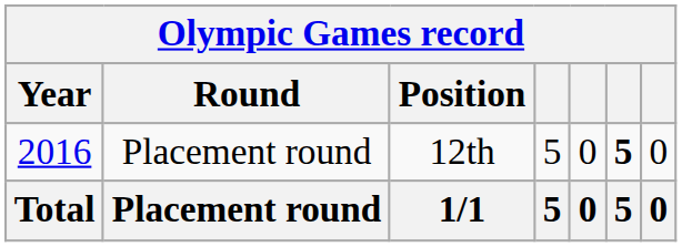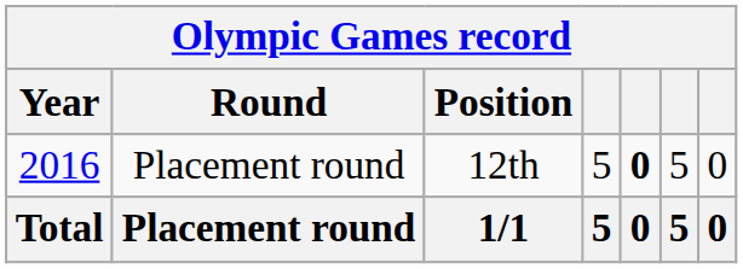 <table class="wikitable" style="text-align: center;">
 <tr>
 <th colspan=7><a href='#'>Olympic Games record</a></th>
 </tr>
 <tr>
 <th>Year</th>
 <th>Round</th>
 <th>Position</th>
 <th></th>
 <th></th>
 <th></th>
 <th></th>
 </tr>
 <tr>
 <td> <a href='#'>2016</a></td>
 <td>Placement round</td>
 <td>12th</td>
 <td>5</td>
-<td>0</td>
-<td><strong>5</strong></td>
+<td><strong>0</strong></td>
+<td>5</td>
 <td>0</td>
 </tr>
 <tr>
 <th>Total</th>
 <th>Placement round</th>
 <th>1/1</th>
 <th>5</th>
 <th>0</th>
 <th>5</th>
 <th>0</th>
 </tr>
 </table>
